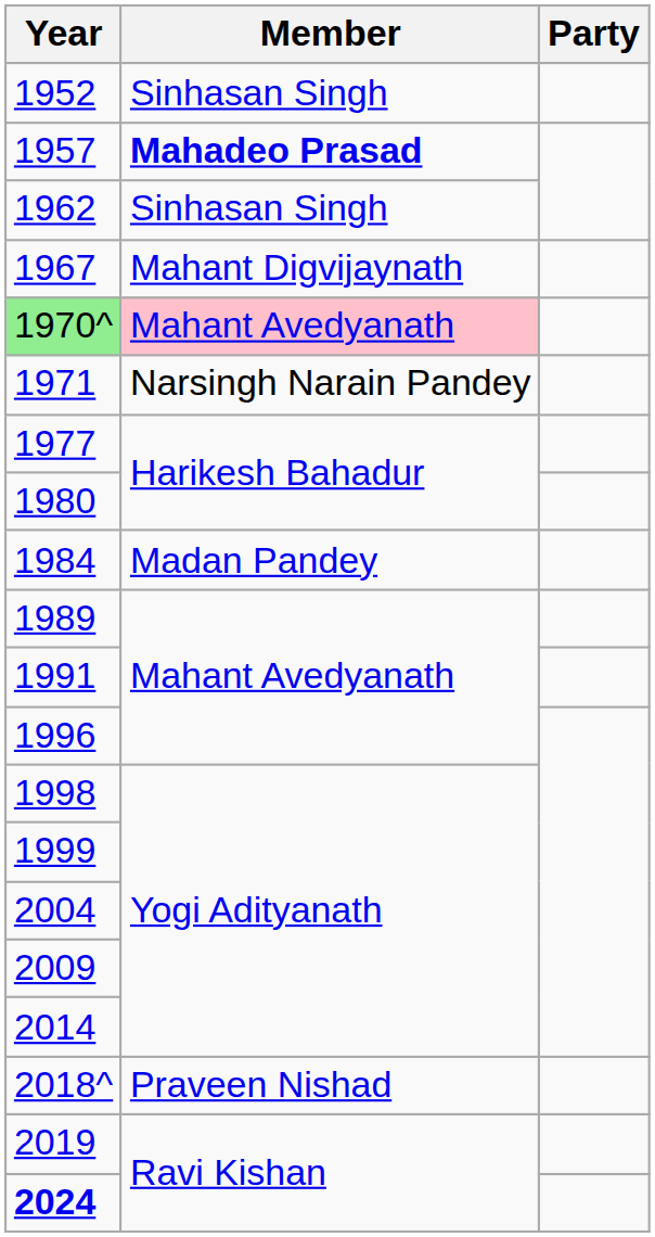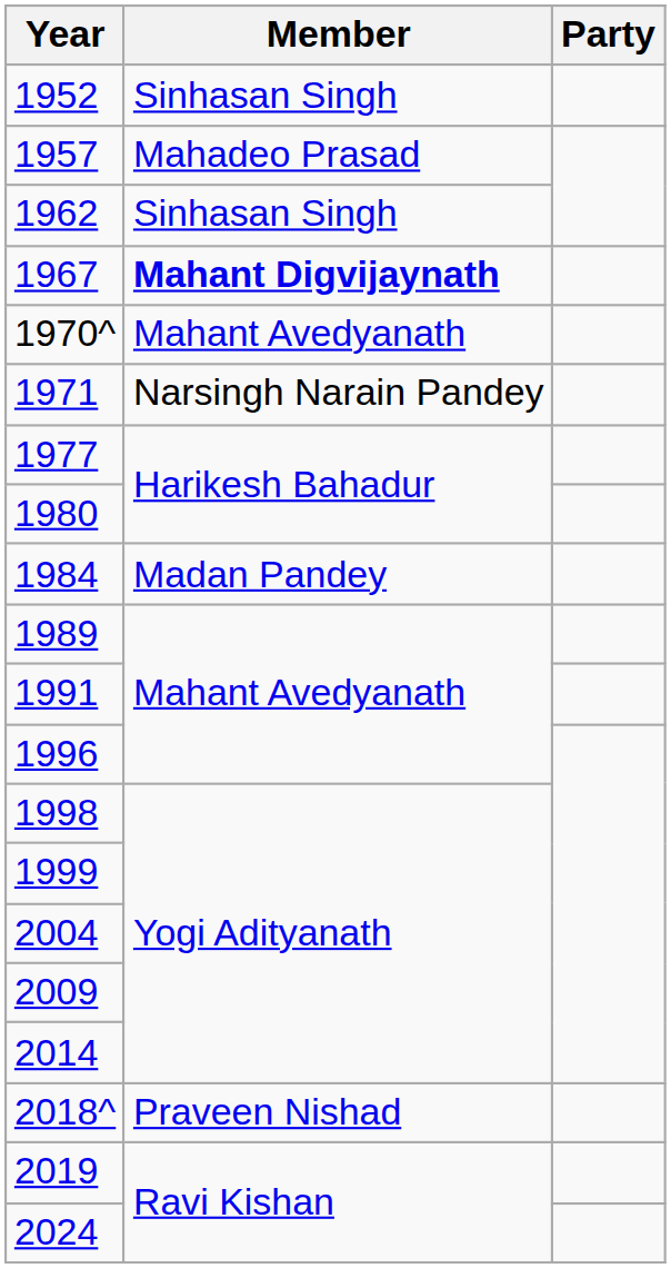 <table class="wikitable sortable">
 <tr>
 <th>Year</th>
 <th>Member</th>
 <th colspan="2">Party</th>
 </tr>
 <tr>
 <td><a href='#'>1952</a></td>
 <td rowspan="2"><a href='#'>Sinhasan Singh</a></td>
 <td></td>
 </tr>
 <tr>
 <td rowspan="2"><a href='#'>1957</a></td>
 </tr>
 <tr>
-<td><strong><a href='#'>Mahadeo Prasad</a></strong></td>
+<td><a href='#'>Mahadeo Prasad</a></td>
 </tr>
 <tr>
 <td><a href='#'>1962</a></td>
 <td><a href='#'>Sinhasan Singh</a></td>
 </tr>
 <tr>
 <td><a href='#'>1967</a></td>
-<td><a href='#'>Mahant Digvijaynath</a></td>
+<td><strong><a href='#'>Mahant Digvijaynath</a></strong></td>
 <td></td>
 </tr>
 <tr>
-<td style="background: lightgreen;">1970^</td>
-<td style="background: pink;"><a href='#'>Mahant Avedyanath</a></td>
+<td>1970^</td>
+<td><a href='#'>Mahant Avedyanath</a></td>
 </tr>
 <tr>
 <td><a href='#'>1971</a></td>
 <td>Narsingh Narain Pandey</td>
 <td></td>
 </tr>
 <tr>
 <td><a href='#'>1977</a></td>
 <td rowspan="2"><a href='#'>Harikesh Bahadur</a></td>
 <td></td>
 </tr>
 <tr>
 <td><a href='#'>1980</a></td>
 <td></td>
 </tr>
 <tr>
 <td><a href='#'>1984</a></td>
 <td><a href='#'>Madan Pandey</a></td>
 <td></td>
 </tr>
 <tr>
 <td><a href='#'>1989</a></td>
 <td rowspan="3"><a href='#'>Mahant Avedyanath</a></td>
 <td></td>
 </tr>
 <tr>
 <td><a href='#'>1991</a></td>
 <td></td>
 </tr>
 <tr>
 <td><a href='#'>1996</a></td>
 </tr>
 <tr>
 <td><a href='#'>1998</a></td>
 <td rowspan="5"><a href='#'>Yogi Adityanath</a></td>
 </tr>
 <tr>
 <td><a href='#'>1999</a></td>
 </tr>
 <tr>
 <td><a href='#'>2004</a></td>
 </tr>
 <tr>
 <td><a href='#'>2009</a></td>
 </tr>
 <tr>
 <td><a href='#'>2014</a></td>
 </tr>
 <tr>
 <td><a href='#'>2018^</a></td>
 <td><a href='#'>Praveen Nishad</a></td>
 <td></td>
 </tr>
 <tr>
 <td><a href='#'>2019</a></td>
 <td rowspan="2"><a href='#'>Ravi Kishan</a></td>
 <td></td>
 </tr>
 <tr>
-<td><strong><a href='#'>2024</a></strong></td>
+<td><a href='#'>2024</a></td>
 </tr>
 </table>
